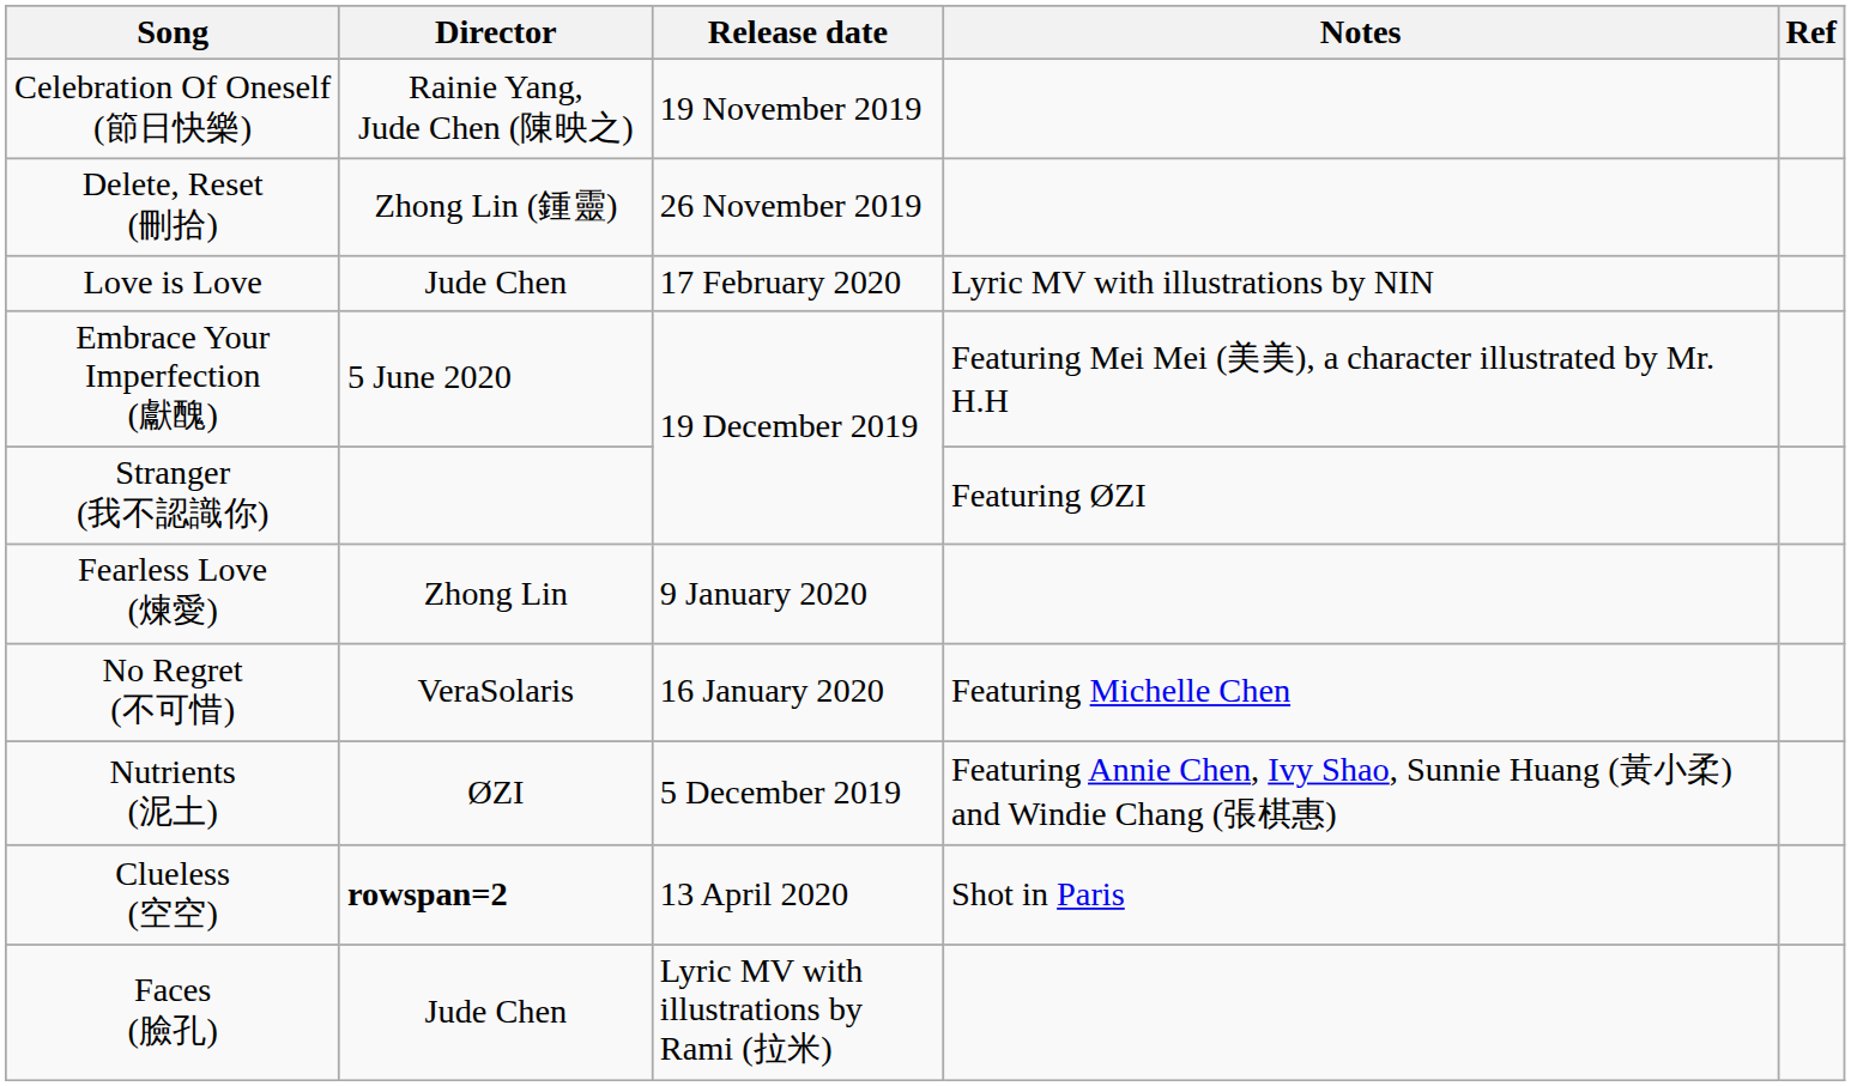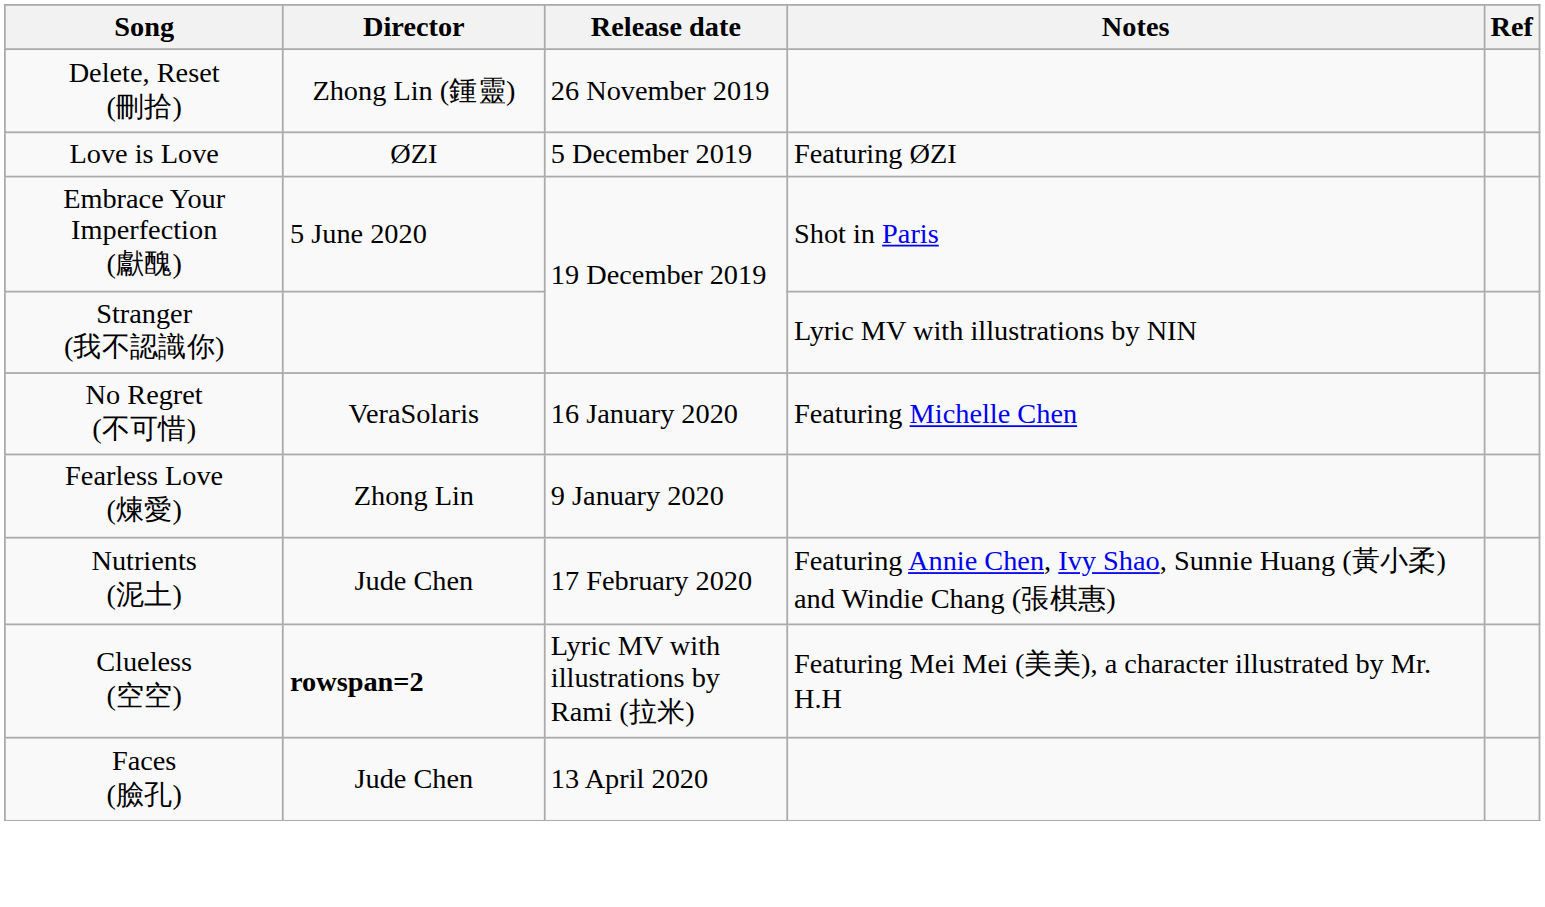 <table class="wikitable">
 <tr>
 <th width="150px">Song</th>
 <th width="140px">Director</th>
 <th width="130px">Release date</th>
 <th>Notes</th>
 <th>Ref</th>
-</tr>
-<tr>
-<td style="text-align:center;">Celebration Of Oneself<br>(節日快樂)</td>
-<td style="text-align:center;">Rainie Yang,<br>Jude Chen (陳映之)</td>
-<td>19 November 2019</td>
-<td></td>
-<td></td>
 </tr>
 <tr>
 <td style="text-align:center;">Delete, Reset<br>(刪拾)</td>
 <td style="text-align:center;">Zhong Lin (鍾靈)</td>
 <td>26 November 2019</td>
 <td></td>
 <td></td>
 </tr>
 <tr>
 <td style="text-align:center;">Love is Love</td>
-<td style="text-align:center;">Jude Chen</td>
-<td>17 February 2020</td>
-<td>Lyric MV with illustrations by NIN</td>
+<td style="text-align:center;">ØZI</td>
+<td>5 December 2019</td>
+<td>Featuring ØZI</td>
 <td></td>
 </tr>
 <tr>
 <td style="text-align:center;">Embrace Your Imperfection<br>(獻醜)</td>
 <td>5 June 2020</td>
 <td rowspan="2">19 December 2019</td>
-<td>Featuring Mei Mei (美美), a character illustrated by Mr. H.H</td>
+<td>Shot in <a href='#'>Paris</a></td>
 <td></td>
 </tr>
 <tr>
 <td style="text-align:center;">Stranger<br>(我不認識你)</td>
 <td></td>
-<td>Featuring ØZI</td>
+<td>Lyric MV with illustrations by NIN</td>
+<td></td>
+</tr>
+<tr>
+<td style="text-align:center;">No Regret<br>(不可惜)</td>
+<td style="text-align:center;">VeraSolaris</td>
+<td>16 January 2020</td>
+<td>Featuring <a href='#'>Michelle Chen</a></td>
 <td></td>
 </tr>
 <tr>
 <td style="text-align:center;">Fearless Love<br>(煉愛)</td>
 <td style="text-align:center;">Zhong Lin</td>
 <td>9 January 2020</td>
 <td></td>
 <td></td>
 </tr>
 <tr>
-<td style="text-align:center;">No Regret<br>(不可惜)</td>
-<td style="text-align:center;">VeraSolaris</td>
-<td>16 January 2020</td>
-<td>Featuring <a href='#'>Michelle Chen</a></td>
-<td></td>
-</tr>
-<tr>
 <td style="text-align:center;">Nutrients<br>(泥土)</td>
-<td style="text-align:center;">ØZI</td>
-<td>5 December 2019</td>
+<td style="text-align:center;">Jude Chen</td>
+<td>17 February 2020</td>
 <td>Featuring <a href='#'>Annie Chen</a>, <a href='#'>Ivy Shao</a>, Sunnie Huang (黃小柔) and Windie Chang (張棋惠)</td>
 <td></td>
 </tr>
 <tr>
 <td style="text-align:center;">Clueless<br>(空空)</td>
 <td><strong>rowspan=2 </strong></td>
-<td>13 April 2020</td>
-<td>Shot in <a href='#'>Paris</a></td>
+<td>Lyric MV with illustrations by Rami (拉米)</td>
+<td>Featuring Mei Mei (美美), a character illustrated by Mr. H.H</td>
 <td></td>
 </tr>
 <tr>
 <td style="text-align:center;">Faces<br>(臉孔)</td>
 <td style="text-align:center;">Jude Chen</td>
-<td>Lyric MV with illustrations by Rami (拉米)</td>
+<td>13 April 2020</td>
 <td></td>
 </tr>
 </table>
